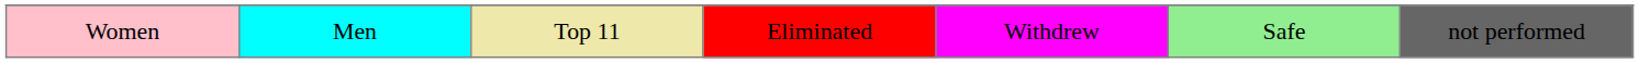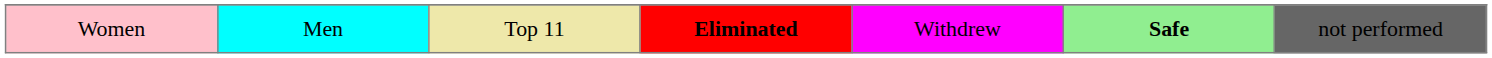 <table border="2" cellpadding="8" style="background:silver; border:1px solid gray; border-collapse:collapse; margin:1em auto; text-align:center; ">
 <tr>
 </tr>
 <tr>
 <td style = "background:pink;" width="10%">Women</td>
 <td style = "background:cyan;" width="10%">Men</td>
 <td style = "background:palegoldenrod;" width="10%">Top 11</td>
-<td style = "background:red;" width="10%"><span>Eliminated</span></td>
+<td style = "background:red;" width="10%"><strong><span>Eliminated</span></strong></td>
 <td style = "background:magenta;" width="10%"><span>Withdrew</span></td>
-<td style = "background:lightgreen;" width="10%">Safe</td>
+<td style = "background:lightgreen;" width="10%"><strong>Safe</strong></td>
 <td style = "background:#666666;" width="10%"><span>not performed</span></td>
 </tr>
 </table>
